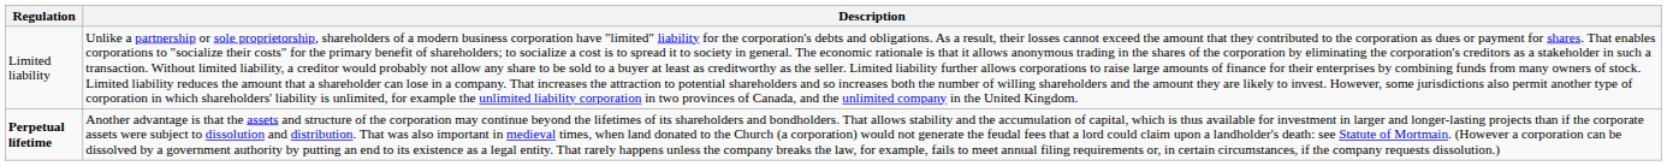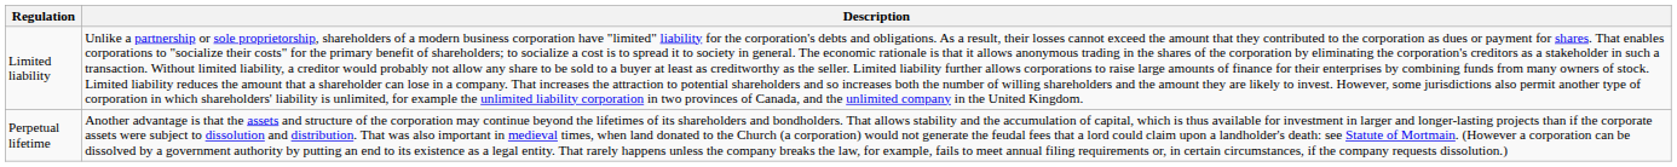 <table class="wikitable">
 <tr>
 <th>Regulation</th>
 <th>Description</th>
 </tr>
 <tr>
 <td>Limited liability</td>
 <td>Unlike a <a href='#'>partnership</a> or <a href='#'>sole proprietorship</a>, shareholders of a modern business corporation have "limited" <a href='#'>liability</a> for the corporation's debts and obligations. As a result, their losses cannot exceed the amount that they contributed to the corporation as dues or payment for <a href='#'>shares</a>. That enables corporations to "socialize their costs" for the primary benefit of shareholders; to socialize a cost is to spread it to society in general. The economic rationale is that it allows anonymous trading in the shares of the corporation by eliminating the corporation's creditors as a stakeholder in such a transaction. Without limited liability, a creditor would probably not allow any share to be sold to a buyer at least as creditworthy as the seller. Limited liability further allows corporations to raise large amounts of finance for their enterprises by combining funds from many owners of stock. Limited liability reduces the amount that a shareholder can lose in a company. That increases the attraction to potential shareholders and so increases both the number of willing shareholders and the amount they are likely to invest. However, some jurisdictions also permit another type of corporation in which shareholders' liability is unlimited, for example the <a href='#'>unlimited liability corporation</a> in two provinces of Canada, and the <a href='#'>unlimited company</a> in the United Kingdom.</td>
 </tr>
 <tr>
-<td><strong>Perpetual lifetime</strong></td>
+<td>Perpetual lifetime</td>
 <td>Another advantage is that the <a href='#'>assets</a> and structure of the corporation may continue beyond the lifetimes of its shareholders and bondholders. That allows stability and the accumulation of capital, which is thus available for investment in larger and longer-lasting projects than if the corporate assets were subject to <a href='#'>dissolution</a> and <a href='#'>distribution</a>. That was also important in <a href='#'>medieval</a> times, when land donated to the Church (a corporation) would not generate the feudal fees that a lord could claim upon a landholder's death: see <a href='#'>Statute of Mortmain</a>. (However a corporation can be dissolved by a government authority by putting an end to its existence as a legal entity. That rarely happens unless the company breaks the law, for example, fails to meet annual filing requirements or, in certain circumstances, if the company requests dissolution.)</td>
 </tr>
 </table>
